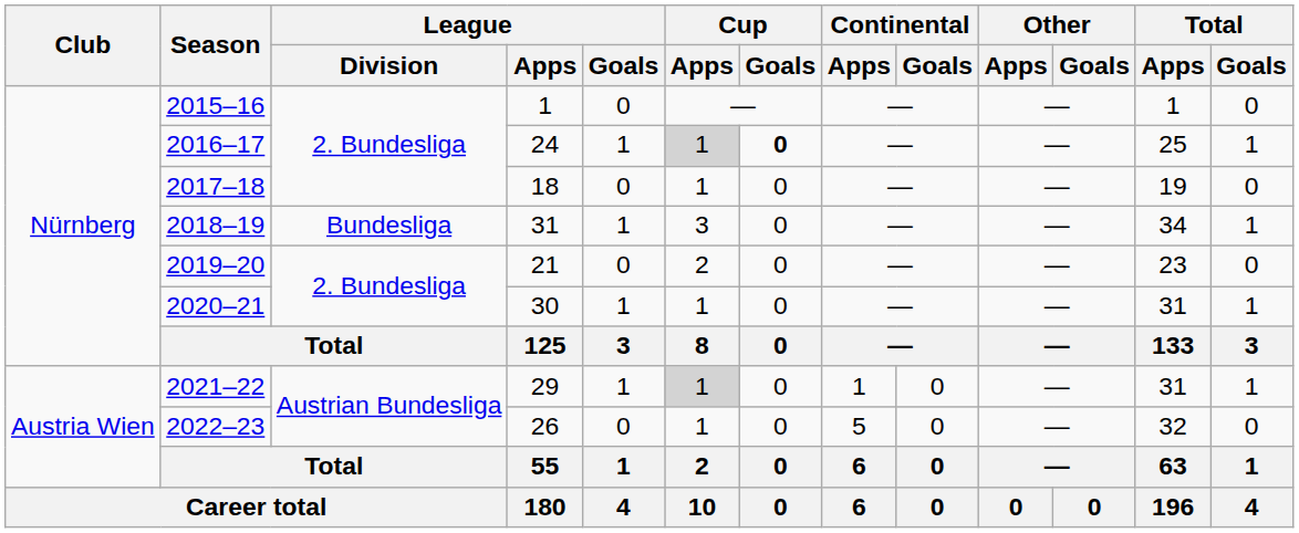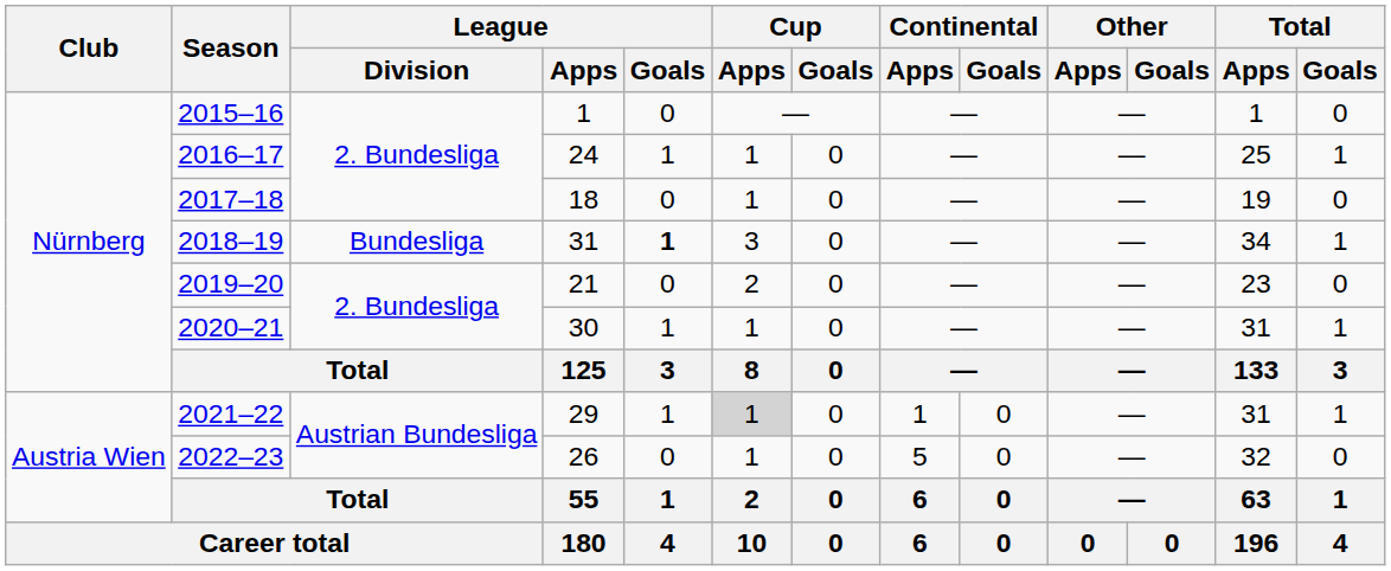 <table class="wikitable" style="text-align:center">
 <tr>
 <th rowspan=2>Club</th>
 <th rowspan=2>Season</th>
 <th colspan=3>League</th>
 <th colspan=2>Cup</th>
 <th colspan=2>Continental</th>
 <th colspan=2>Other</th>
 <th colspan=2>Total</th>
 </tr>
 <tr>
 <th>Division</th>
 <th>Apps</th>
 <th>Goals</th>
 <th>Apps</th>
 <th>Goals</th>
 <th>Apps</th>
 <th>Goals</th>
 <th>Apps</th>
 <th>Goals</th>
 <th>Apps</th>
 <th>Goals</th>
 </tr>
 <tr>
 <td rowspan="7"><a href='#'>Nürnberg</a></td>
 <td><a href='#'>2015–16</a></td>
 <td rowspan="3"><a href='#'>2. Bundesliga</a></td>
 <td>1</td>
 <td>0</td>
 <td colspan="2">—</td>
 <td colspan="2">—</td>
 <td colspan="2">—</td>
 <td>1</td>
 <td>0</td>
 </tr>
 <tr>
 <td><a href='#'>2016–17</a></td>
 <td>24</td>
 <td>1</td>
-<td style="background: lightgrey;">1</td>
-<td><strong>0</strong></td>
+<td>1</td>
+<td>0</td>
 <td colspan="2">—</td>
 <td colspan="2">—</td>
 <td>25</td>
 <td>1</td>
 </tr>
 <tr>
 <td><a href='#'>2017–18</a></td>
 <td>18</td>
 <td>0</td>
 <td>1</td>
 <td>0</td>
 <td colspan="2">—</td>
 <td colspan="2">—</td>
 <td>19</td>
 <td>0</td>
 </tr>
 <tr>
 <td><a href='#'>2018–19</a></td>
 <td><a href='#'>Bundesliga</a></td>
 <td>31</td>
-<td>1</td>
+<td><strong>1</strong></td>
 <td>3</td>
 <td>0</td>
 <td colspan="2">—</td>
 <td colspan="2">—</td>
 <td>34</td>
 <td>1</td>
 </tr>
 <tr>
 <td><a href='#'>2019–20</a></td>
 <td rowspan="2"><a href='#'>2. Bundesliga</a></td>
 <td>21</td>
 <td>0</td>
 <td>2</td>
 <td>0</td>
 <td colspan="2">—</td>
 <td colspan="2">—</td>
 <td>23</td>
 <td>0</td>
 </tr>
 <tr>
 <td><a href='#'>2020–21</a></td>
 <td>30</td>
 <td>1</td>
 <td>1</td>
 <td>0</td>
 <td colspan="2">—</td>
 <td colspan="2">—</td>
 <td>31</td>
 <td>1</td>
 </tr>
 <tr>
 <th colspan="2">Total</th>
 <th>125</th>
 <th>3</th>
 <th>8</th>
 <th>0</th>
 <th colspan="2">—</th>
 <th colspan="2">—</th>
 <th>133</th>
 <th>3</th>
 </tr>
 <tr>
 <td rowspan="3"><a href='#'>Austria Wien</a></td>
 <td><a href='#'>2021–22</a></td>
 <td rowspan="2"><a href='#'>Austrian Bundesliga</a></td>
 <td>29</td>
 <td>1</td>
 <td style="background: lightgrey;">1</td>
 <td>0</td>
 <td>1</td>
 <td>0</td>
 <td colspan="2">—</td>
 <td>31</td>
 <td>1</td>
 </tr>
 <tr>
 <td><a href='#'>2022–23</a></td>
 <td>26</td>
 <td>0</td>
 <td>1</td>
 <td>0</td>
 <td>5</td>
 <td>0</td>
 <td colspan="2">—</td>
 <td>32</td>
 <td>0</td>
 </tr>
 <tr>
 <th colspan="2">Total</th>
 <th>55</th>
 <th>1</th>
 <th>2</th>
 <th>0</th>
 <th>6</th>
 <th>0</th>
 <th colspan="2">—</th>
 <th>63</th>
 <th>1</th>
 </tr>
 <tr>
 <th colspan="3">Career total</th>
 <th>180</th>
 <th>4</th>
 <th>10</th>
 <th>0</th>
 <th>6</th>
 <th>0</th>
 <th>0</th>
 <th>0</th>
 <th>196</th>
 <th>4</th>
 </tr>
 </table>
